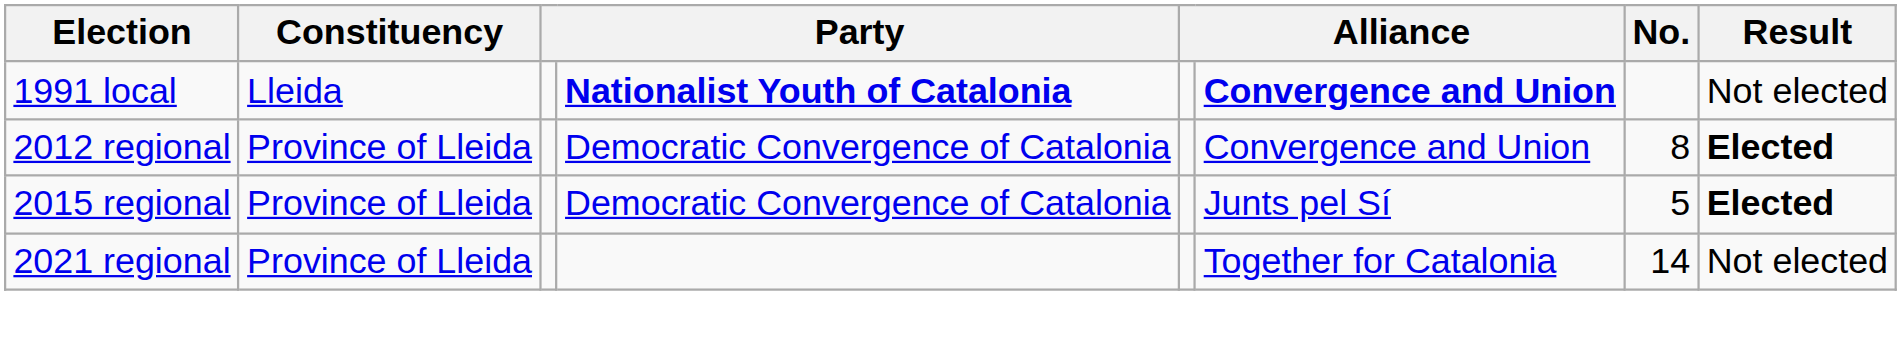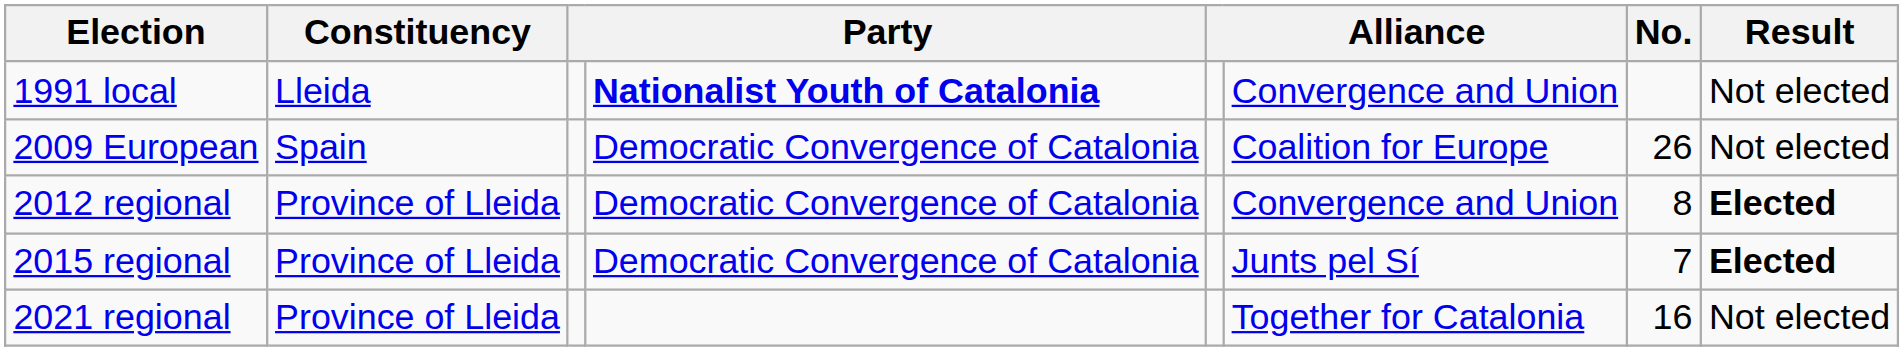 <table class="wikitable" style="text-align:left;">
 <tr>
 <th scope=col>Election</th>
 <th scope=col>Constituency</th>
 <th scope=col colspan="2">Party</th>
 <th scope=col colspan="2">Alliance</th>
 <th scope=col>No.</th>
 <th scope=col>Result</th>
 </tr>
 <tr>
 <td><a href='#'>1991 local</a></td>
 <td><a href='#'>Lleida</a></td>
 <td></td>
 <td><strong><a href='#'>Nationalist Youth of Catalonia</a></strong></td>
 <td style="background:"></td>
-<td><strong><a href='#'>Convergence and Union</a></strong></td>
+<td><a href='#'>Convergence and Union</a></td>
 <td align=right></td>
+<td>Not elected</td>
+</tr>
+<tr>
+<td><a href='#'>2009 European</a></td>
+<td><a href='#'>Spain</a></td>
+<td style="background:"></td>
+<td><a href='#'>Democratic Convergence of Catalonia</a></td>
+<td style="background:"></td>
+<td><a href='#'>Coalition for Europe</a></td>
+<td align=right>26</td>
 <td>Not elected</td>
 </tr>
 <tr>
 <td><a href='#'>2012 regional</a></td>
 <td><a href='#'>Province of Lleida</a></td>
 <td style="background:"></td>
 <td><a href='#'>Democratic Convergence of Catalonia</a></td>
 <td style="background:"></td>
 <td><a href='#'>Convergence and Union</a></td>
 <td align=right>8</td>
 <td><strong>Elected</strong></td>
 </tr>
 <tr>
 <td><a href='#'>2015 regional</a></td>
 <td><a href='#'>Province of Lleida</a></td>
 <td style="background:"></td>
 <td><a href='#'>Democratic Convergence of Catalonia</a></td>
 <td style="background:"></td>
 <td><a href='#'>Junts pel Sí</a></td>
-<td align=right>5</td>
+<td align=right>7</td>
 <td><strong>Elected</strong></td>
 </tr>
 <tr>
 <td><a href='#'>2021 regional</a></td>
 <td><a href='#'>Province of Lleida</a></td>
 <td></td>
 <td></td>
 <td style="background:"></td>
 <td><a href='#'>Together for Catalonia</a></td>
-<td align=right>14</td>
+<td align=right>16</td>
 <td>Not elected</td>
 </tr>
 </table>
